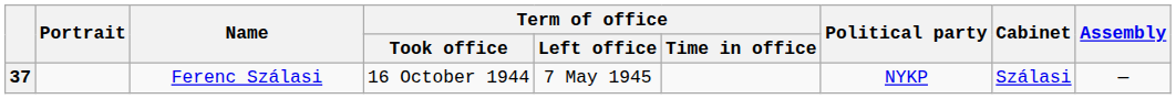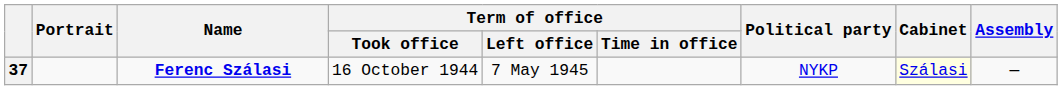 <table class="wikitable" style="text-align:center;">
 <tr>
 <th rowspan=2></th>
 <th rowspan=2>Portrait</th>
 <th width=20% rowspan=2>Name<br></th>
 <th colspan=3>Term of office</th>
 <th rowspan=2>Political party</th>
 <th rowspan=2>Cabinet</th>
 <th rowspan=2><a href='#'>Assembly</a><br></th>
 </tr>
 <tr>
 <th>Took office</th>
 <th>Left office</th>
 <th>Time in office</th>
 </tr>
 <tr>
 <th style="background-color:">37</th>
 <td></td>
-<td><a href='#'>Ferenc Szálasi</a><br></td>
+<td><strong><a href='#'>Ferenc Szálasi</a><br></strong></td>
 <td>16 October 1944</td>
 <td>7 May 1945</td>
 <td></td>
 <td><a href='#'>NYKP</a></td>
-<td><a href='#'>Szálasi</a><br></td>
+<td style="background: lightyellow;"><a href='#'>Szálasi</a><br></td>
 <td>—</td>
 </tr>
 </table>
